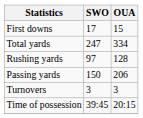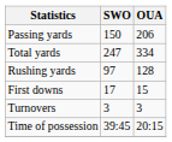 <table class="wikitable" style="float: left;">
 <tr>
 <th>Statistics</th>
 <th>SWO</th>
 <th>OUA</th>
 </tr>
 <tr>
-<td>First downs</td>
-<td>17</td>
-<td>15</td>
+<td>Passing yards</td>
+<td>150</td>
+<td>206</td>
 </tr>
 <tr>
 <td>Total yards</td>
 <td>247</td>
 <td>334</td>
 </tr>
 <tr>
 <td>Rushing yards</td>
 <td>97</td>
 <td>128</td>
 </tr>
 <tr>
-<td>Passing yards</td>
-<td>150</td>
-<td>206</td>
+<td>First downs</td>
+<td>17</td>
+<td>15</td>
 </tr>
 <tr>
 <td>Turnovers</td>
 <td>3</td>
 <td>3</td>
 </tr>
 <tr>
 <td>Time of possession</td>
 <td>39:45</td>
 <td>20:15</td>
 </tr>
 <tr>
 </tr>
 </table>
